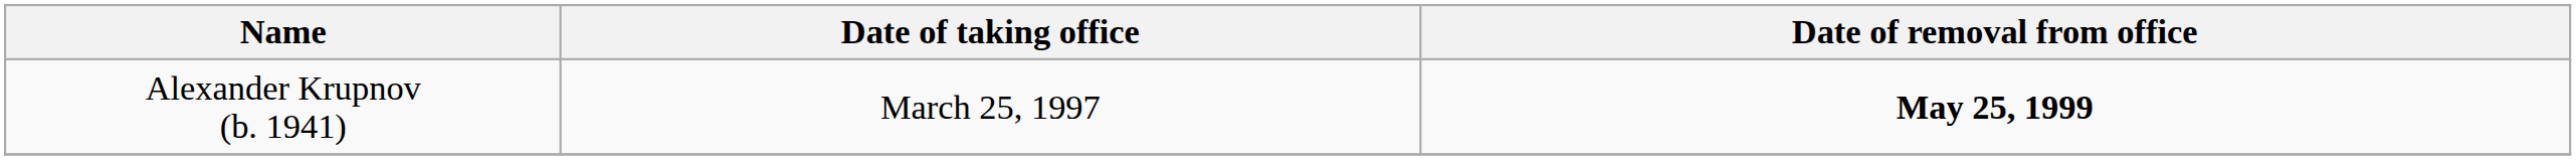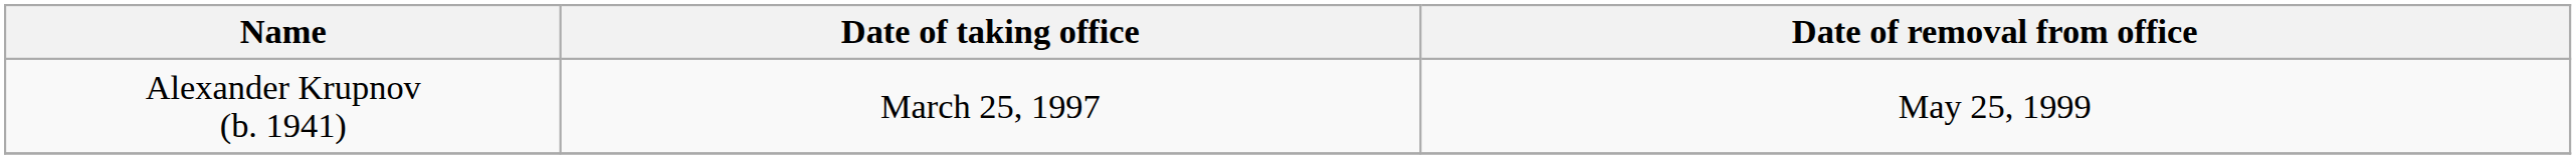 <table class="wikitable" style="text-align:center" width=75%>
 <tr>
 <th width=250px>Name</th>
 <th>Date of taking office</th>
 <th>Date of removal from office</th>
 </tr>
 <tr>
 <td>Alexander Krupnov<br>(b. 1941)<br></td>
 <td>March 25, 1997</td>
-<td><strong>May 25, 1999</strong></td>
+<td>May 25, 1999</td>
 </tr>
 <tr>
 </tr>
 </table>
